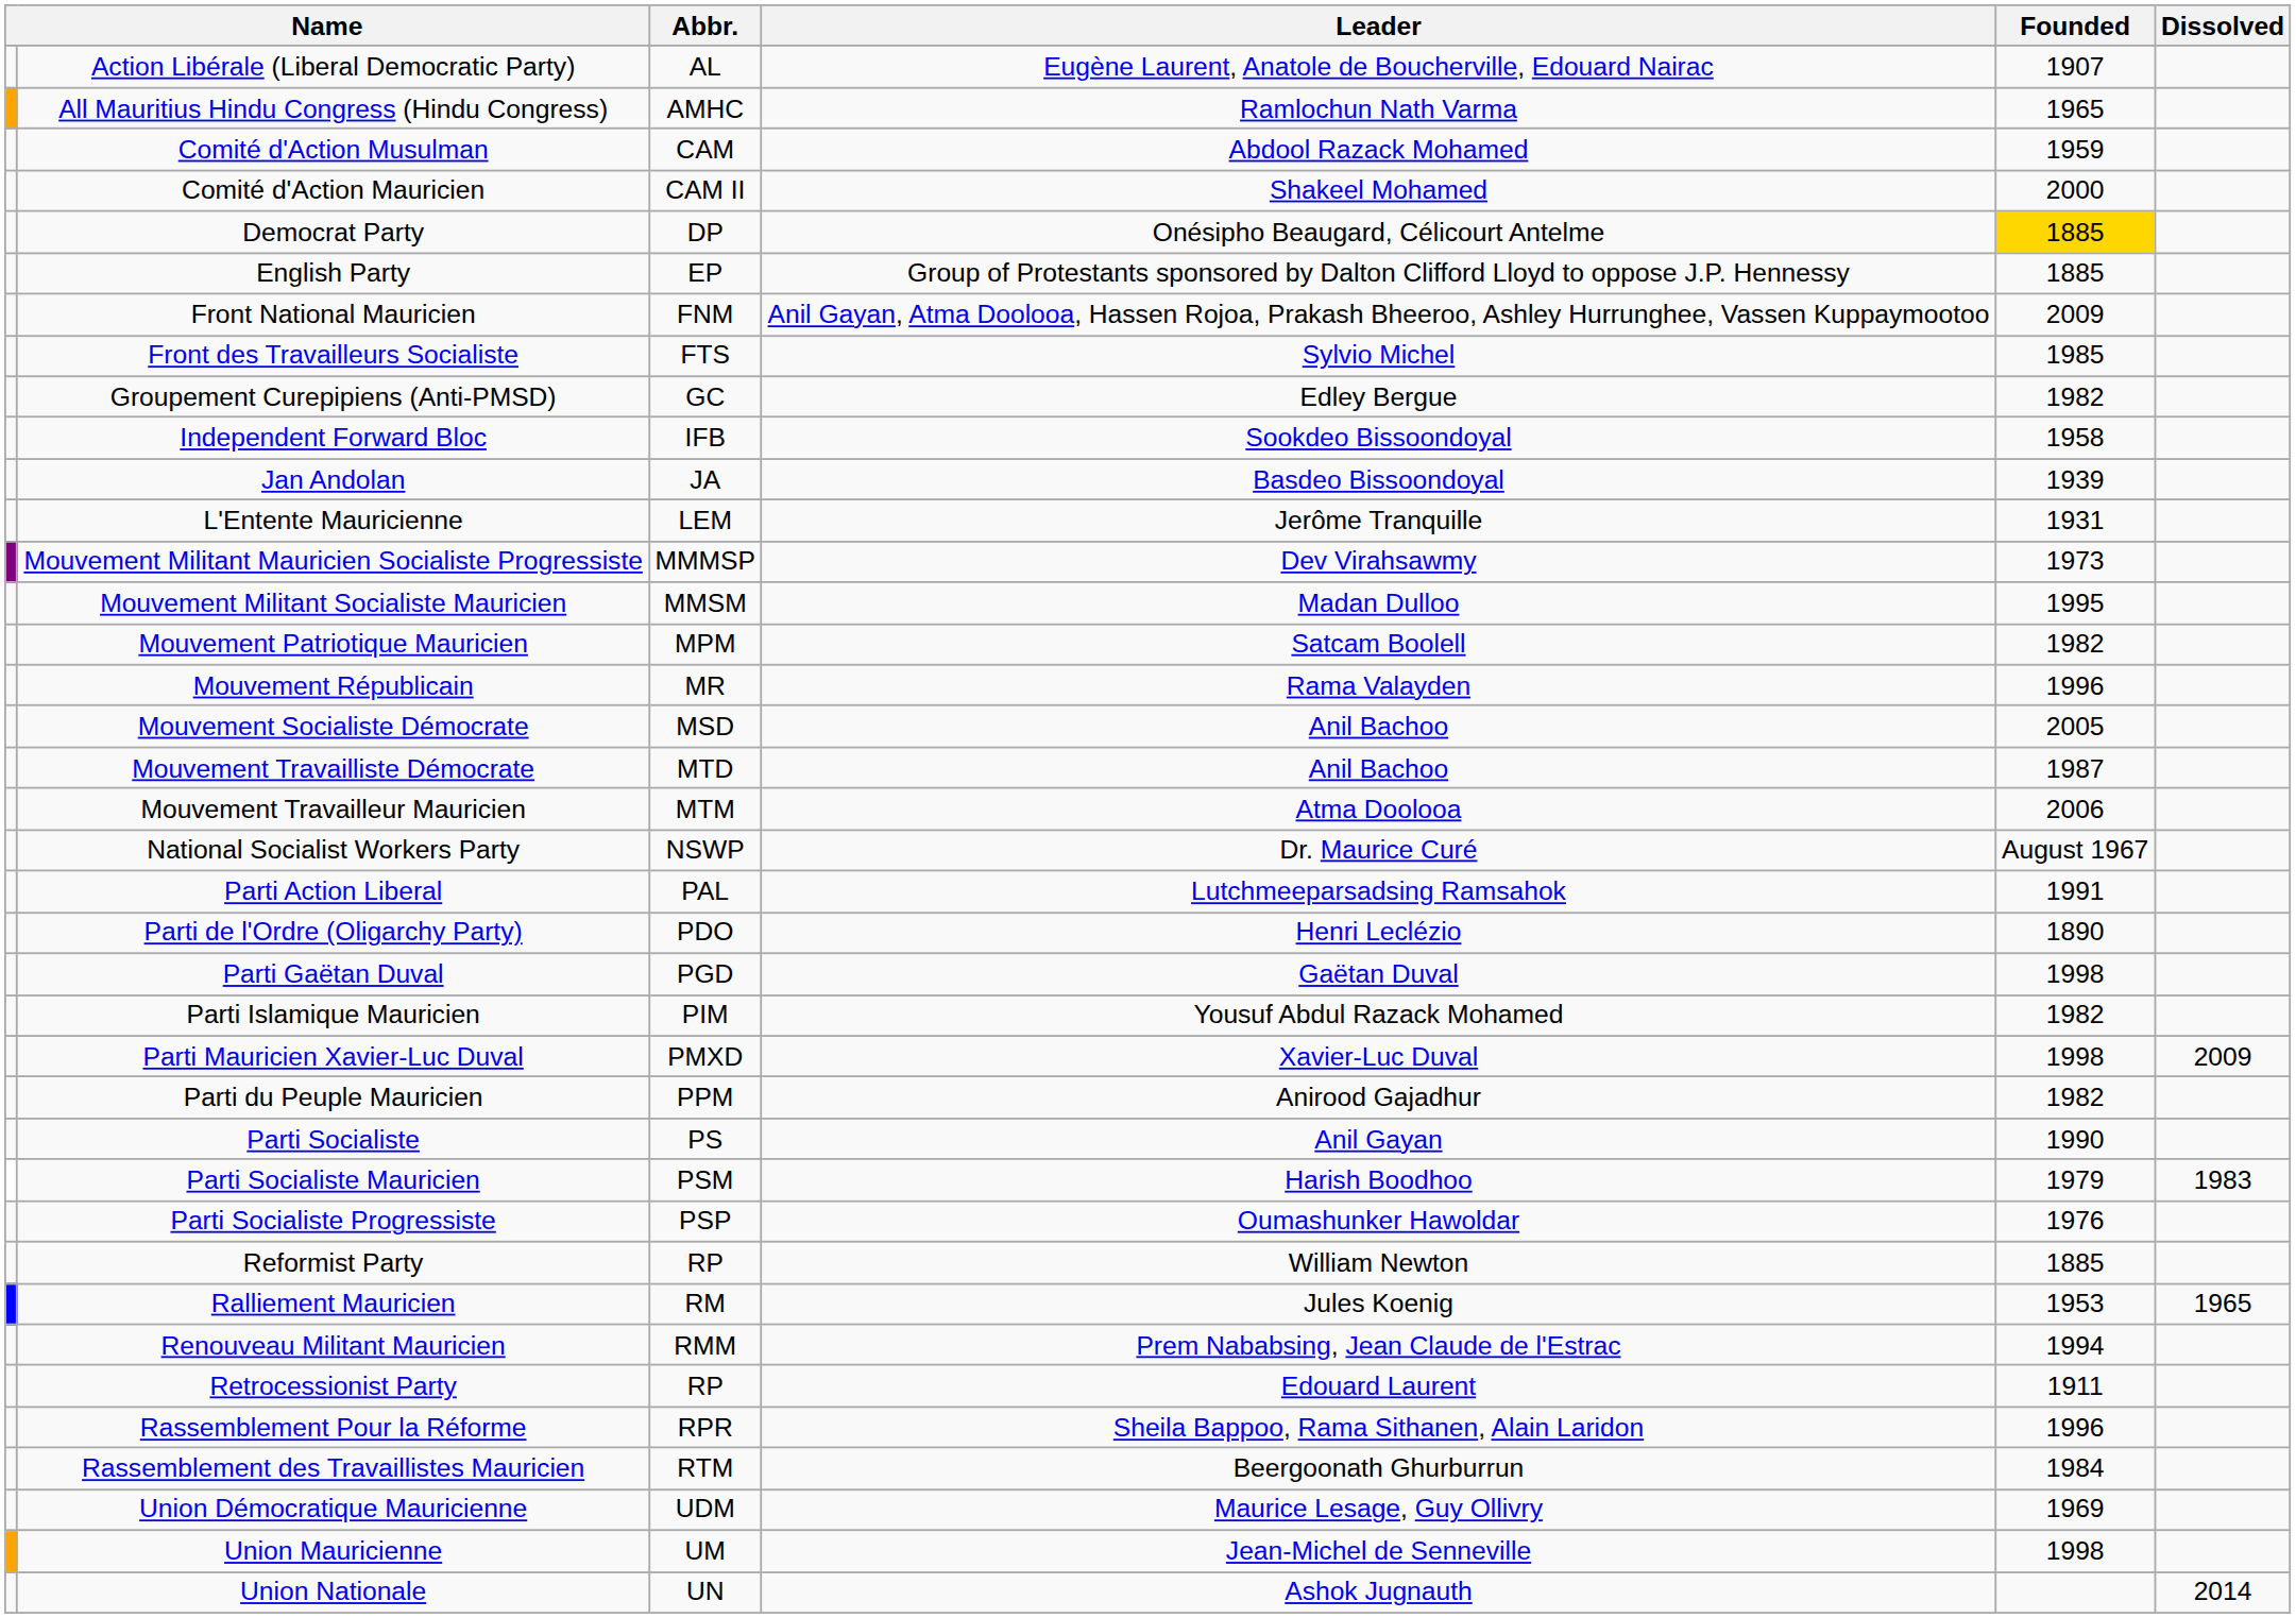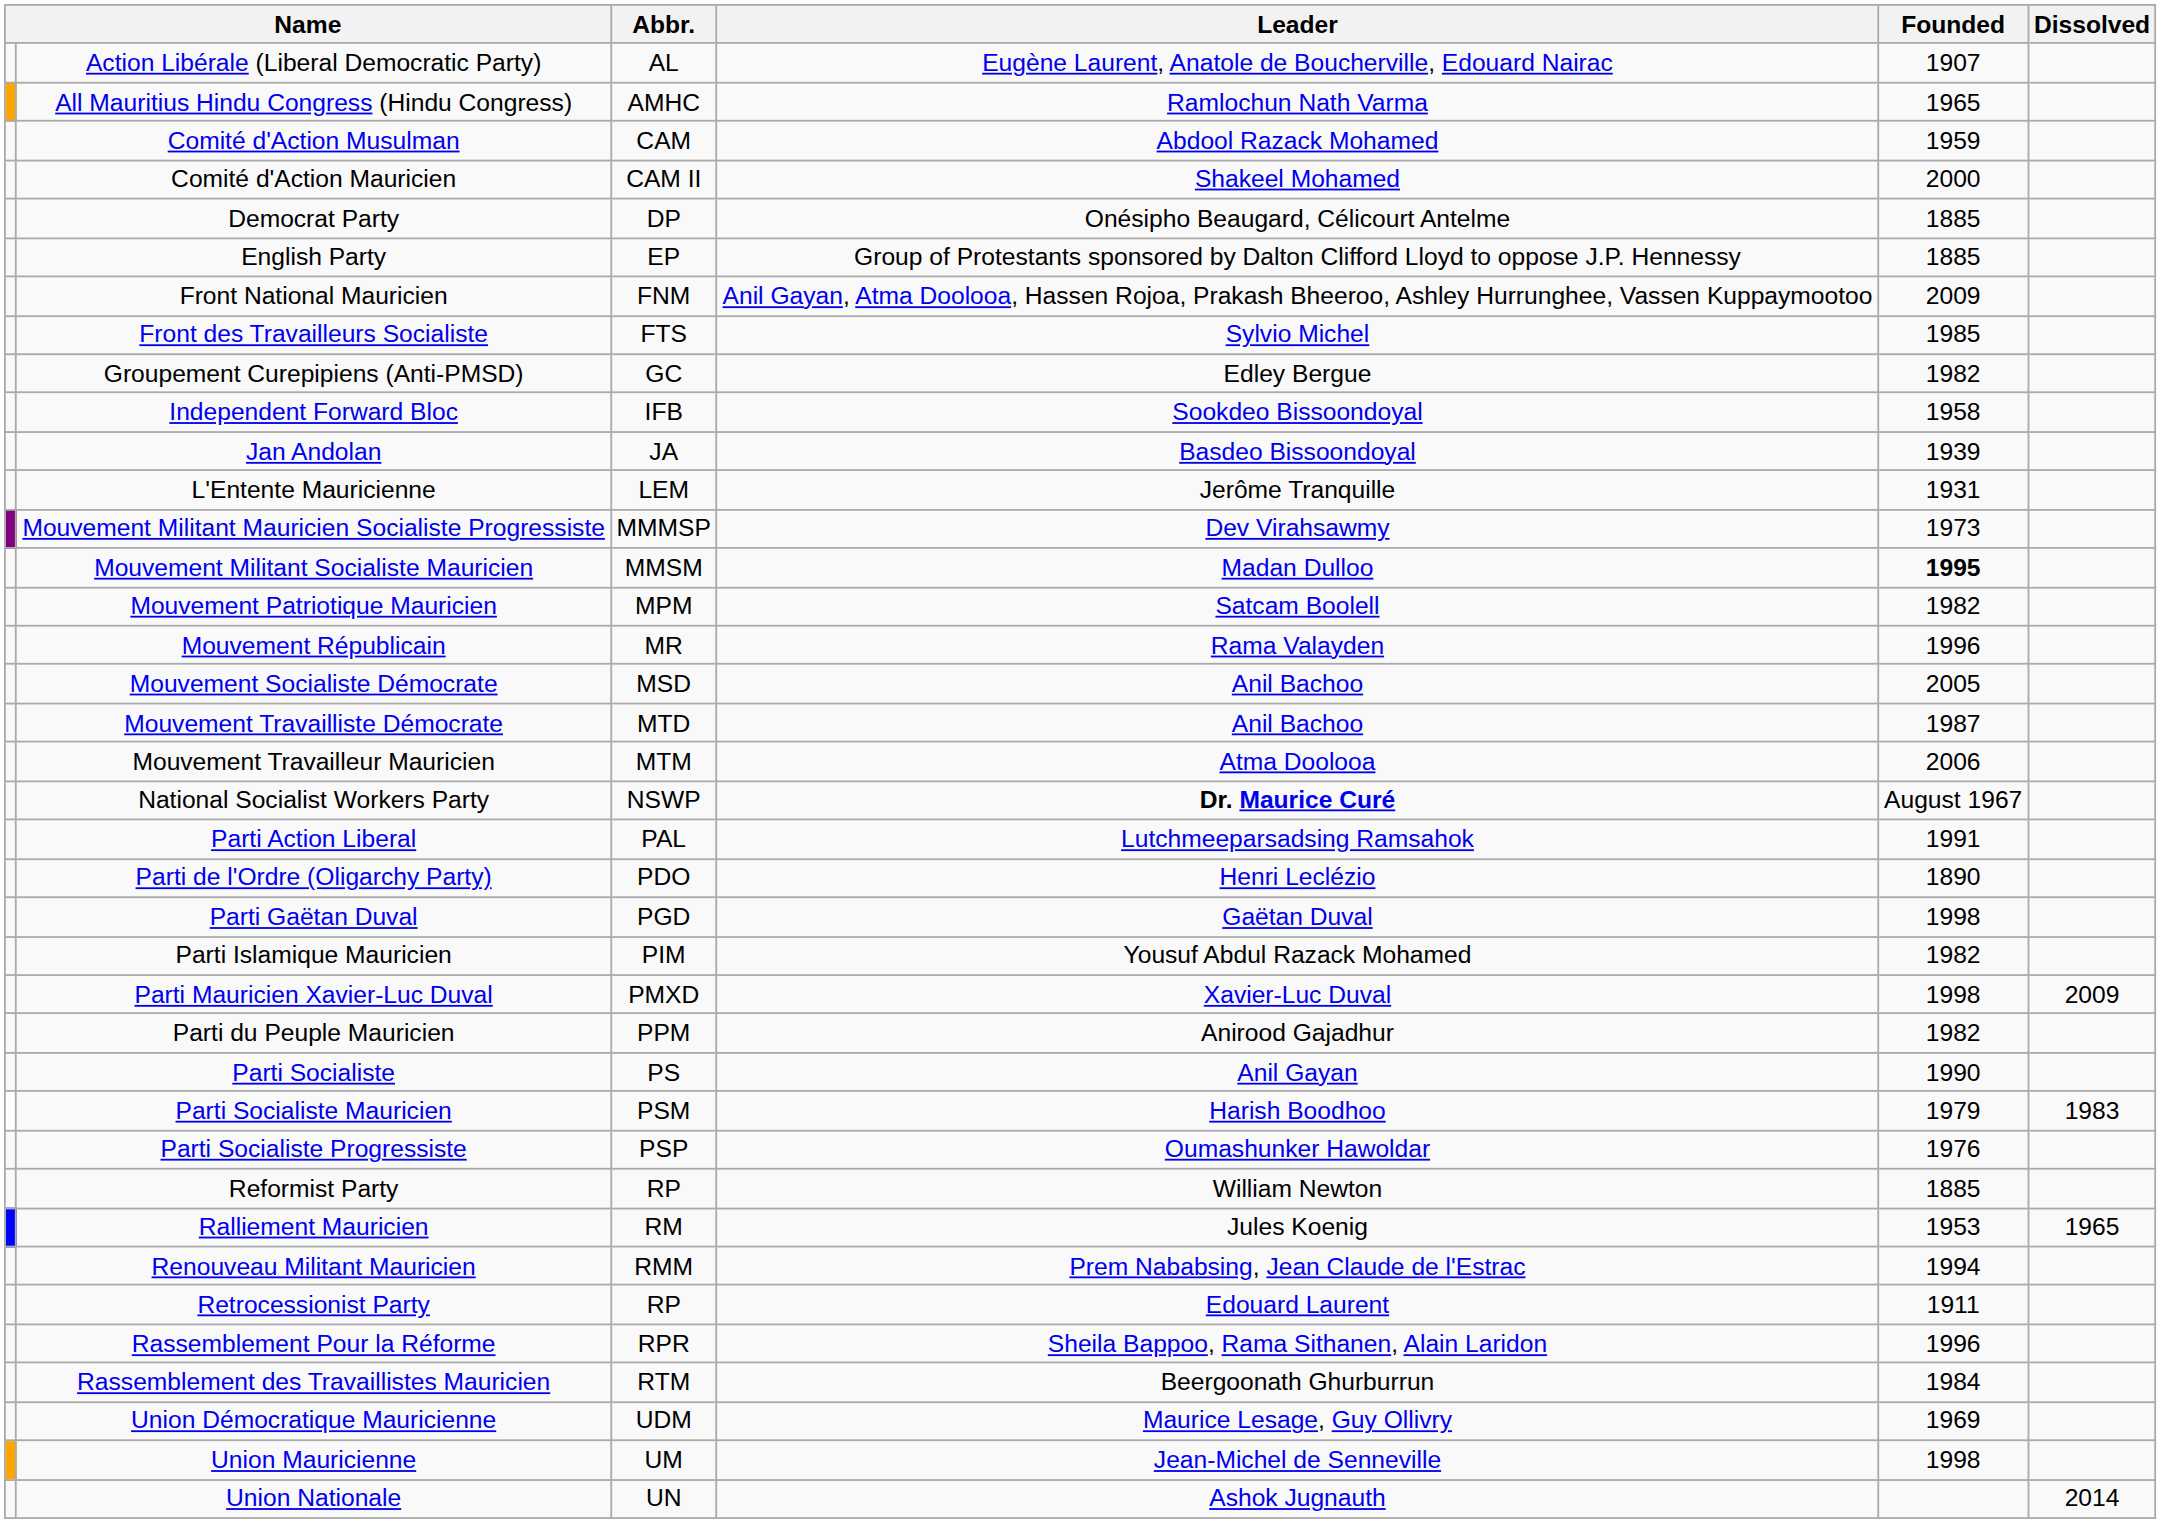 <table class="wikitable" style="font-size:85%;text-align:center">
 <tr>
 <th colspan=2>Name</th>
 <th>Abbr.</th>
 <th>Leader</th>
 <th>Founded</th>
 <th>Dissolved</th>
 </tr>
 <tr>
 <td></td>
 <td><a href='#'>Action Libérale</a> (Liberal Democratic Party)</td>
 <td>AL</td>
 <td><a href='#'>Eugène Laurent</a>, <a href='#'>Anatole de Boucherville</a>, <a href='#'>Edouard Nairac</a></td>
 <td>1907</td>
 <td></td>
 </tr>
 <tr>
 <td style="background: Orange;"></td>
 <td><a href='#'>All Mauritius Hindu Congress</a> (Hindu Congress) </td>
 <td>AMHC</td>
 <td><a href='#'>Ramlochun Nath Varma</a></td>
 <td>1965</td>
 <td></td>
 </tr>
 <tr>
 <td style="background: "></td>
 <td><a href='#'>Comité d'Action Musulman</a></td>
 <td>CAM</td>
 <td><a href='#'>Abdool Razack Mohamed</a></td>
 <td>1959</td>
 <td></td>
 </tr>
 <tr>
 <td></td>
 <td>Comité d'Action Mauricien</td>
 <td>CAM II</td>
 <td><a href='#'>Shakeel Mohamed</a></td>
 <td>2000</td>
 <td></td>
 </tr>
 <tr>
 <td></td>
 <td>Democrat Party</td>
 <td>DP</td>
 <td>Onésipho Beaugard, Célicourt Antelme</td>
-<td style="background: gold;">1885</td>
+<td>1885</td>
 <td></td>
 </tr>
 <tr>
 <td></td>
 <td>English Party</td>
 <td>EP</td>
 <td>Group of Protestants sponsored by Dalton Clifford Lloyd to oppose J.P. Hennessy</td>
 <td>1885</td>
 <td></td>
 </tr>
 <tr>
 <td></td>
 <td>Front National Mauricien</td>
 <td>FNM</td>
 <td><a href='#'>Anil Gayan</a>, <a href='#'>Atma Doolooa</a>, Hassen Rojoa, Prakash Bheeroo, Ashley Hurrunghee, Vassen Kuppaymootoo</td>
 <td>2009</td>
 <td></td>
 </tr>
 <tr>
 <td></td>
 <td><a href='#'>Front des Travailleurs Socialiste</a></td>
 <td>FTS</td>
 <td><a href='#'>Sylvio Michel</a></td>
 <td>1985</td>
 <td></td>
 </tr>
 <tr>
 <td></td>
 <td>Groupement Curepipiens (Anti-PMSD)</td>
 <td>GC</td>
 <td>Edley Bergue</td>
 <td>1982</td>
 <td></td>
 </tr>
 <tr>
 <td style="background: "></td>
 <td><a href='#'>Independent Forward Bloc</a></td>
 <td>IFB</td>
 <td><a href='#'>Sookdeo Bissoondoyal</a></td>
 <td>1958</td>
 <td></td>
 </tr>
 <tr>
 <td></td>
 <td><a href='#'>Jan Andolan</a></td>
 <td>JA</td>
 <td><a href='#'>Basdeo Bissoondoyal</a></td>
 <td>1939</td>
 <td></td>
 </tr>
 <tr>
 <td></td>
 <td>L'Entente Mauricienne</td>
 <td>LEM</td>
 <td>Jerôme Tranquille</td>
 <td>1931</td>
 <td></td>
 </tr>
 <tr>
 <td style="background: Purple;"></td>
 <td><a href='#'>Mouvement Militant Mauricien Socialiste Progressiste</a></td>
 <td>MMMSP</td>
 <td><a href='#'>Dev Virahsawmy</a></td>
 <td>1973</td>
 <td></td>
 </tr>
 <tr>
 <td style="background: "></td>
 <td><a href='#'>Mouvement Militant Socialiste Mauricien</a></td>
 <td>MMSM</td>
 <td><a href='#'>Madan Dulloo</a></td>
-<td>1995</td>
+<td><strong>1995</strong></td>
 <td></td>
 </tr>
 <tr>
 <td></td>
 <td><a href='#'>Mouvement Patriotique Mauricien</a></td>
 <td>MPM</td>
 <td><a href='#'>Satcam Boolell</a></td>
 <td>1982</td>
 <td></td>
 </tr>
 <tr>
 <td style="background: "></td>
 <td><a href='#'>Mouvement Républicain</a></td>
 <td>MR</td>
 <td><a href='#'>Rama Valayden</a></td>
 <td>1996 </td>
 <td></td>
 </tr>
 <tr>
 <td></td>
 <td><a href='#'>Mouvement Socialiste Démocrate</a></td>
 <td>MSD</td>
 <td><a href='#'>Anil Bachoo</a></td>
 <td>2005</td>
 <td></td>
 </tr>
 <tr>
 <td></td>
 <td><a href='#'>Mouvement Travailliste Démocrate</a></td>
 <td>MTD</td>
 <td><a href='#'>Anil Bachoo</a></td>
 <td>1987</td>
 <td></td>
 </tr>
 <tr>
 <td></td>
 <td>Mouvement Travailleur Mauricien</td>
 <td>MTM</td>
 <td><a href='#'>Atma Doolooa</a></td>
 <td>2006</td>
 <td></td>
 </tr>
 <tr>
 <td></td>
 <td>National Socialist Workers Party</td>
 <td>NSWP</td>
-<td>Dr. <a href='#'>Maurice Curé</a></td>
+<td><strong>Dr. <a href='#'>Maurice Curé</a></strong></td>
 <td>August 1967</td>
 <td></td>
 </tr>
 <tr>
 <td></td>
 <td><a href='#'>Parti Action Liberal</a></td>
 <td>PAL</td>
 <td><a href='#'>Lutchmeeparsadsing Ramsahok</a></td>
 <td>1991</td>
 <td></td>
 </tr>
 <tr>
 <td></td>
 <td><a href='#'>Parti de l'Ordre (Oligarchy Party)</a></td>
 <td>PDO</td>
 <td><a href='#'>Henri Leclézio</a></td>
 <td>1890</td>
 <td></td>
 </tr>
 <tr>
 <td style="background: "></td>
 <td><a href='#'>Parti Gaëtan Duval</a></td>
 <td>PGD</td>
 <td><a href='#'>Gaëtan Duval</a></td>
 <td>1998</td>
 <td></td>
 </tr>
 <tr>
 <td></td>
 <td>Parti Islamique Mauricien </td>
 <td>PIM</td>
 <td>Yousuf Abdul Razack Mohamed</td>
 <td>1982</td>
 <td></td>
 </tr>
 <tr>
 <td style="background: "></td>
 <td><a href='#'>Parti Mauricien Xavier-Luc Duval</a></td>
 <td>PMXD</td>
 <td><a href='#'>Xavier-Luc Duval</a></td>
 <td>1998</td>
 <td>2009</td>
 </tr>
 <tr>
 <td></td>
 <td>Parti du Peuple Mauricien</td>
 <td>PPM</td>
 <td>Anirood Gajadhur</td>
 <td>1982</td>
 <td></td>
 </tr>
 <tr>
 <td></td>
 <td><a href='#'>Parti Socialiste</a></td>
 <td>PS</td>
 <td><a href='#'>Anil Gayan</a></td>
 <td>1990</td>
 <td></td>
 </tr>
 <tr>
 <td style="background: White;"></td>
 <td><a href='#'>Parti Socialiste Mauricien</a></td>
 <td>PSM</td>
 <td><a href='#'>Harish Boodhoo</a></td>
 <td>1979 </td>
 <td>1983</td>
 </tr>
 <tr>
 <td></td>
 <td><a href='#'>Parti Socialiste Progressiste</a></td>
 <td>PSP</td>
 <td><a href='#'>Oumashunker Hawoldar</a></td>
 <td>1976</td>
 <td></td>
 </tr>
 <tr>
 <td></td>
 <td>Reformist Party</td>
 <td>RP</td>
 <td>William Newton</td>
 <td>1885</td>
 <td></td>
 </tr>
 <tr>
 <td style="background: Blue;"></td>
 <td><a href='#'>Ralliement Mauricien</a></td>
 <td>RM</td>
 <td>Jules Koenig</td>
 <td>1953</td>
 <td>1965</td>
 </tr>
 <tr>
 <td></td>
 <td><a href='#'>Renouveau Militant Mauricien</a></td>
 <td>RMM</td>
 <td><a href='#'>Prem Nababsing</a>, <a href='#'>Jean Claude de l'Estrac</a></td>
 <td>1994 </td>
 <td></td>
 </tr>
 <tr>
 <td></td>
 <td><a href='#'>Retrocessionist Party</a></td>
 <td>RP</td>
 <td><a href='#'>Edouard Laurent</a></td>
 <td>1911</td>
 <td></td>
 </tr>
 <tr>
 <td></td>
 <td><a href='#'>Rassemblement Pour la Réforme</a></td>
 <td>RPR</td>
 <td><a href='#'>Sheila Bappoo</a>, <a href='#'>Rama Sithanen</a>, <a href='#'>Alain Laridon</a></td>
 <td>1996</td>
 <td></td>
 </tr>
 <tr>
 <td></td>
 <td><a href='#'>Rassemblement des Travaillistes Mauricien</a></td>
 <td>RTM</td>
 <td>Beergoonath Ghurburrun</td>
 <td>1984</td>
 <td></td>
 </tr>
 <tr>
 <td></td>
 <td><a href='#'>Union Démocratique Mauricienne</a></td>
 <td>UDM</td>
 <td><a href='#'>Maurice Lesage</a>, <a href='#'>Guy Ollivry</a></td>
 <td>1969</td>
 <td></td>
 </tr>
 <tr>
 <td style="background: Orange;"></td>
 <td><a href='#'>Union Mauricienne</a></td>
 <td>UM</td>
 <td><a href='#'>Jean-Michel de Senneville</a></td>
 <td>1998</td>
 <td></td>
 </tr>
 <tr>
 <td style="background: "></td>
 <td><a href='#'>Union Nationale</a></td>
 <td>UN</td>
 <td><a href='#'>Ashok Jugnauth</a></td>
 <td></td>
 <td>2014</td>
 </tr>
 </table>
